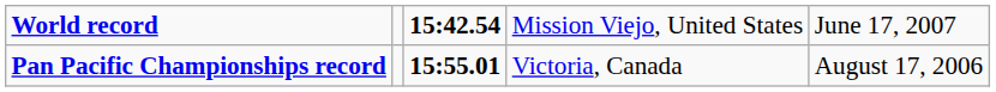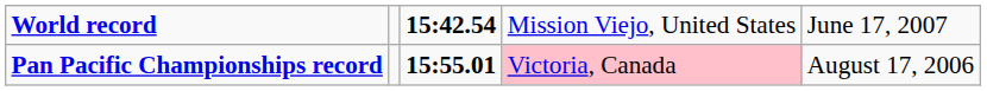 <table class="wikitable">
 <tr>
 <td><strong><a href='#'>World record</a></strong></td>
 <td></td>
 <td><strong>15:42.54</strong></td>
 <td><a href='#'>Mission Viejo</a>, United States</td>
 <td>June 17, 2007</td>
 </tr>
 <tr>
 <td><strong><a href='#'>Pan Pacific Championships record</a></strong></td>
 <td></td>
 <td><strong>15:55.01</strong></td>
-<td><a href='#'>Victoria</a>, Canada</td>
+<td style="background: pink;"><a href='#'>Victoria</a>, Canada</td>
 <td>August 17, 2006</td>
 </tr>
 </table>
